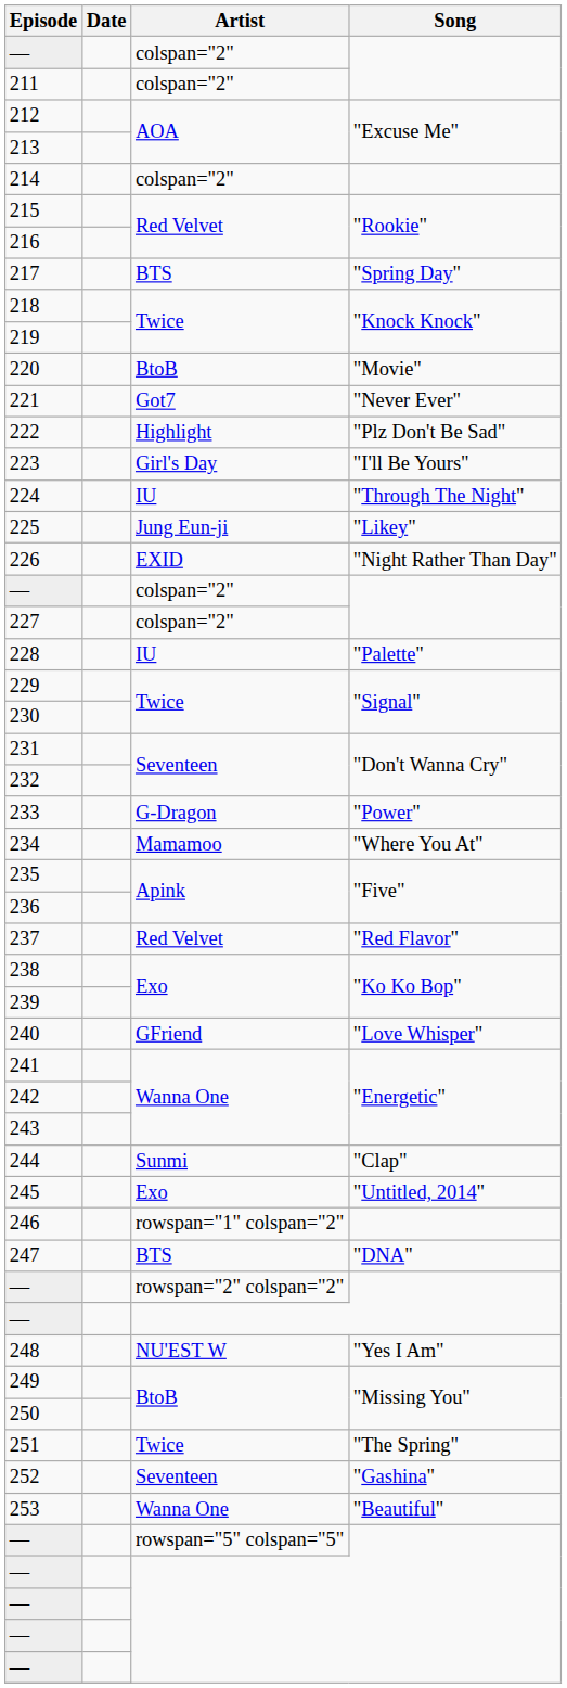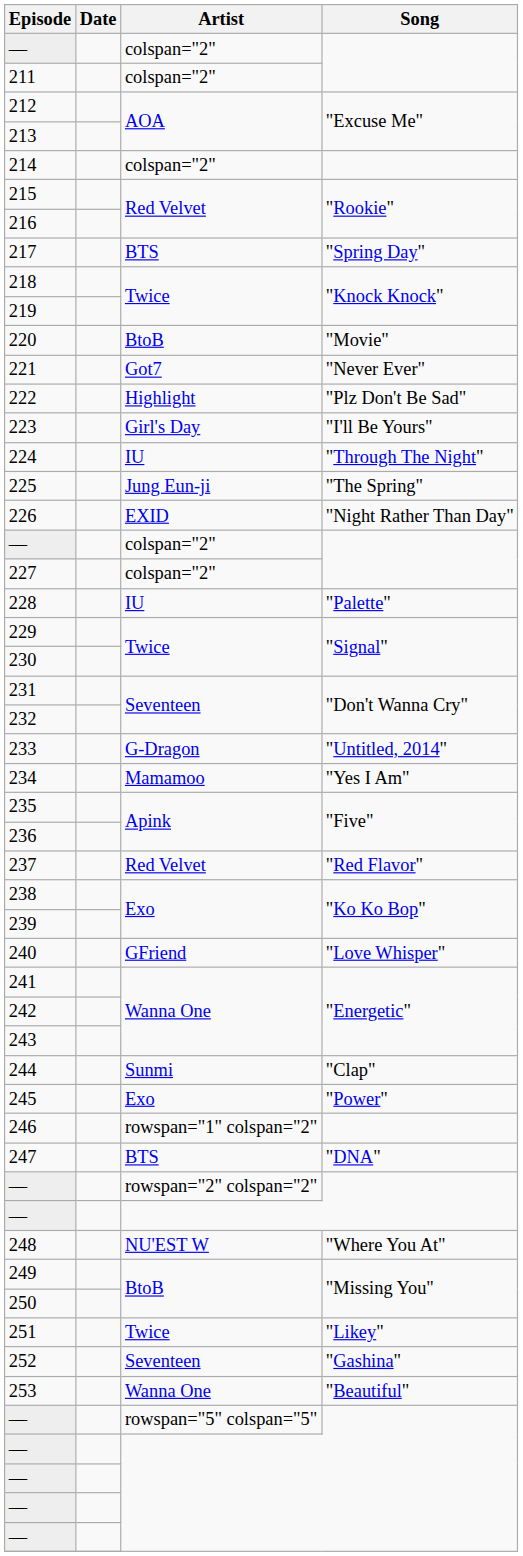 <table class="sortable wikitable">
 <tr>
 <th>Episode</th>
 <th>Date</th>
 <th>Artist</th>
 <th>Song</th>
 </tr>
 <tr>
 <td style="background:#eee;">—</td>
 <td></td>
 <td>colspan="2" </td>
 </tr>
 <tr>
 <td>211</td>
 <td></td>
 <td>colspan="2" </td>
 </tr>
 <tr>
 <td>212</td>
 <td></td>
 <td rowspan="2"><a href='#'>AOA</a></td>
 <td rowspan="2">"Excuse Me"</td>
 </tr>
 <tr>
 <td>213</td>
 <td></td>
 </tr>
 <tr>
 <td>214</td>
 <td></td>
 <td>colspan="2" </td>
 </tr>
 <tr>
 <td>215</td>
 <td></td>
 <td rowspan="2"><a href='#'>Red Velvet</a></td>
 <td rowspan="2">"<a href='#'>Rookie</a>"</td>
 </tr>
 <tr>
 <td>216</td>
 <td></td>
 </tr>
 <tr>
 <td>217</td>
 <td></td>
 <td><a href='#'>BTS</a></td>
 <td>"<a href='#'>Spring Day</a>"</td>
 </tr>
 <tr>
 <td>218</td>
 <td></td>
 <td rowspan="2"><a href='#'>Twice</a></td>
 <td rowspan="2">"<a href='#'>Knock Knock</a>"</td>
 </tr>
 <tr>
 <td>219</td>
 <td></td>
 </tr>
 <tr>
 <td>220</td>
 <td></td>
 <td><a href='#'>BtoB</a></td>
 <td>"Movie"</td>
 </tr>
 <tr>
 <td>221</td>
 <td></td>
 <td><a href='#'>Got7</a></td>
 <td>"Never Ever"</td>
 </tr>
 <tr>
 <td>222</td>
 <td></td>
 <td><a href='#'>Highlight</a></td>
 <td>"Plz Don't Be Sad"</td>
 </tr>
 <tr>
 <td>223</td>
 <td></td>
 <td><a href='#'>Girl's Day</a></td>
 <td>"I'll Be Yours"</td>
 </tr>
 <tr>
 <td>224</td>
 <td></td>
 <td><a href='#'>IU</a></td>
 <td>"<a href='#'>Through The Night</a>"</td>
 </tr>
 <tr>
 <td>225</td>
 <td></td>
 <td><a href='#'>Jung Eun-ji</a></td>
-<td>"<a href='#'>Likey</a>"</td>
+<td>"The Spring"</td>
 </tr>
 <tr>
 <td>226</td>
 <td></td>
 <td><a href='#'>EXID</a></td>
 <td>"Night Rather Than Day"</td>
 </tr>
 <tr>
 <td style="background:#eee;">—</td>
 <td></td>
 <td>colspan="2" </td>
 </tr>
 <tr>
 <td>227</td>
 <td></td>
 <td>colspan="2" </td>
 </tr>
 <tr>
 <td>228</td>
 <td></td>
 <td><a href='#'>IU</a></td>
 <td>"<a href='#'>Palette</a>"</td>
 </tr>
 <tr>
 <td>229</td>
 <td></td>
 <td rowspan="2"><a href='#'>Twice</a></td>
 <td rowspan="2">"<a href='#'>Signal</a>"</td>
 </tr>
 <tr>
 <td>230</td>
 <td></td>
 </tr>
 <tr>
 <td>231</td>
 <td></td>
 <td rowspan="2"><a href='#'>Seventeen</a></td>
 <td rowspan="2">"Don't Wanna Cry"</td>
 </tr>
 <tr>
 <td>232</td>
 <td></td>
 </tr>
 <tr>
 <td>233</td>
 <td></td>
 <td><a href='#'>G-Dragon</a></td>
-<td>"<a href='#'>Power</a>"</td>
+<td>"<a href='#'>Untitled, 2014</a>"</td>
 </tr>
 <tr>
 <td>234</td>
 <td></td>
 <td><a href='#'>Mamamoo</a></td>
-<td>"Where You At"</td>
+<td>"Yes I Am"</td>
 </tr>
 <tr>
 <td>235</td>
 <td></td>
 <td rowspan="2"><a href='#'>Apink</a></td>
 <td rowspan="2">"Five"</td>
 </tr>
 <tr>
 <td>236</td>
 <td></td>
 </tr>
 <tr>
 <td>237</td>
 <td></td>
 <td><a href='#'>Red Velvet</a></td>
 <td>"<a href='#'>Red Flavor</a>"</td>
 </tr>
 <tr>
 <td>238</td>
 <td></td>
 <td rowspan="2"><a href='#'>Exo</a></td>
 <td rowspan="2">"<a href='#'>Ko Ko Bop</a>"</td>
 </tr>
 <tr>
 <td>239</td>
 <td></td>
 </tr>
 <tr>
 <td>240</td>
 <td></td>
 <td><a href='#'>GFriend</a></td>
 <td>"<a href='#'>Love Whisper</a>"</td>
 </tr>
 <tr>
 <td>241</td>
 <td></td>
 <td rowspan="3"><a href='#'>Wanna One</a></td>
 <td rowspan="3">"<a href='#'>Energetic</a>"</td>
 </tr>
 <tr>
 <td>242</td>
 <td></td>
 </tr>
 <tr>
 <td>243</td>
 <td></td>
 </tr>
 <tr>
 <td>244</td>
 <td></td>
 <td><a href='#'>Sunmi</a></td>
 <td>"Clap"</td>
 </tr>
 <tr>
 <td>245</td>
 <td></td>
 <td><a href='#'>Exo</a></td>
-<td>"<a href='#'>Untitled, 2014</a>"</td>
+<td>"<a href='#'>Power</a>"</td>
 </tr>
 <tr>
 <td>246</td>
 <td></td>
 <td>rowspan="1" colspan="2" </td>
 </tr>
 <tr>
 <td>247</td>
 <td></td>
 <td><a href='#'>BTS</a></td>
 <td>"<a href='#'>DNA</a>"</td>
 </tr>
 <tr>
 <td style="background:#eee;">—</td>
 <td></td>
 <td>rowspan="2" colspan="2" </td>
 </tr>
 <tr>
 <td style="background:#eee;">—</td>
 <td></td>
 </tr>
 <tr>
 <td>248</td>
 <td></td>
 <td><a href='#'>NU'EST W</a></td>
-<td>"Yes I Am"</td>
+<td>"Where You At"</td>
 </tr>
 <tr>
 <td>249</td>
 <td></td>
 <td rowspan="2"><a href='#'>BtoB</a></td>
 <td rowspan="2">"Missing You"</td>
 </tr>
 <tr>
 <td>250</td>
 <td></td>
 </tr>
 <tr>
 <td>251</td>
 <td></td>
 <td><a href='#'>Twice</a></td>
-<td>"The Spring"</td>
+<td>"<a href='#'>Likey</a>"</td>
 </tr>
 <tr>
 <td>252</td>
 <td></td>
 <td><a href='#'>Seventeen</a></td>
 <td>"<a href='#'>Gashina</a>"</td>
 </tr>
 <tr>
 <td>253</td>
 <td></td>
 <td><a href='#'>Wanna One</a></td>
 <td>"<a href='#'>Beautiful</a>"</td>
 </tr>
 <tr>
 <td style="background:#eee;">—</td>
 <td></td>
 <td>rowspan="5" colspan="5" </td>
 </tr>
 <tr>
 <td style="background:#eee;">—</td>
 <td></td>
 </tr>
 <tr>
 <td style="background:#eee;">—</td>
 <td></td>
 </tr>
 <tr>
 <td style="background:#eee;">—</td>
 <td></td>
 </tr>
 <tr>
 <td style="background:#eee;">—</td>
 <td></td>
 </tr>
 <tr>
 </tr>
 </table>
